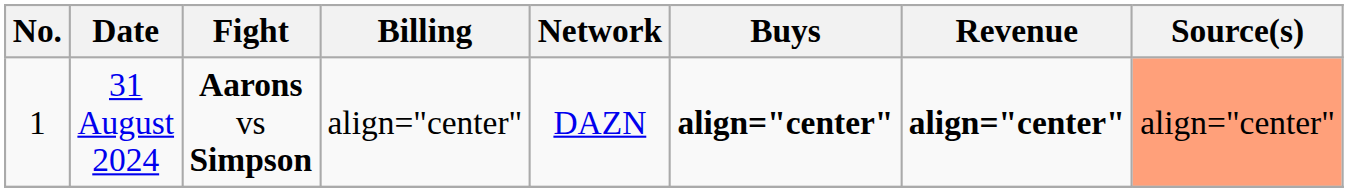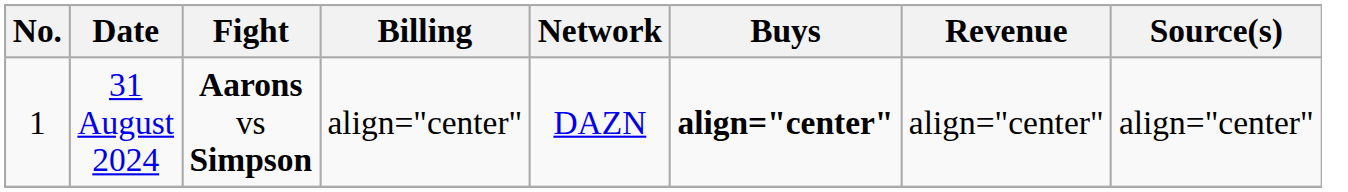 <table class="wikitable sortable">
 <tr>
 <th>No.</th>
 <th>Date</th>
 <th>Fight</th>
 <th>Billing</th>
 <th>Network</th>
 <th>Buys</th>
 <th>Revenue</th>
 <th>Source(s)</th>
 </tr>
 <tr>
 <td align="center">1</td>
 <td align="center"><a href='#'>31 August 2024</a></td>
 <td align="center"><strong>Aarons</strong> vs <strong>Simpson</strong></td>
 <td>align="center"  </td>
 <td align="center"><a href='#'>DAZN</a></td>
 <td><strong>align="center" </strong></td>
-<td><strong>align="center" </strong></td>
-<td style="background: lightsalmon;">align="center" </td>
+<td>align="center" </td>
+<td>align="center" </td>
 </tr>
 <tr>
 </tr>
 </table>
